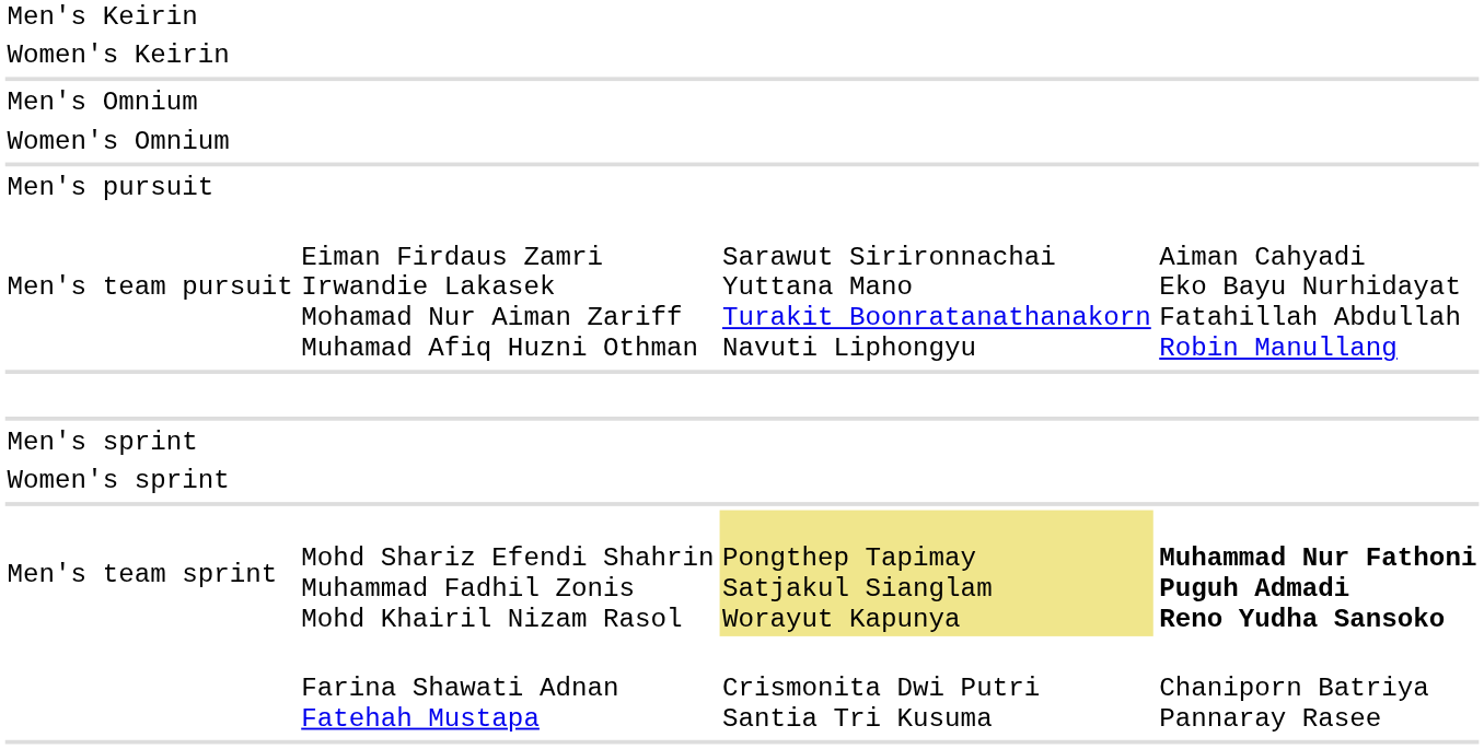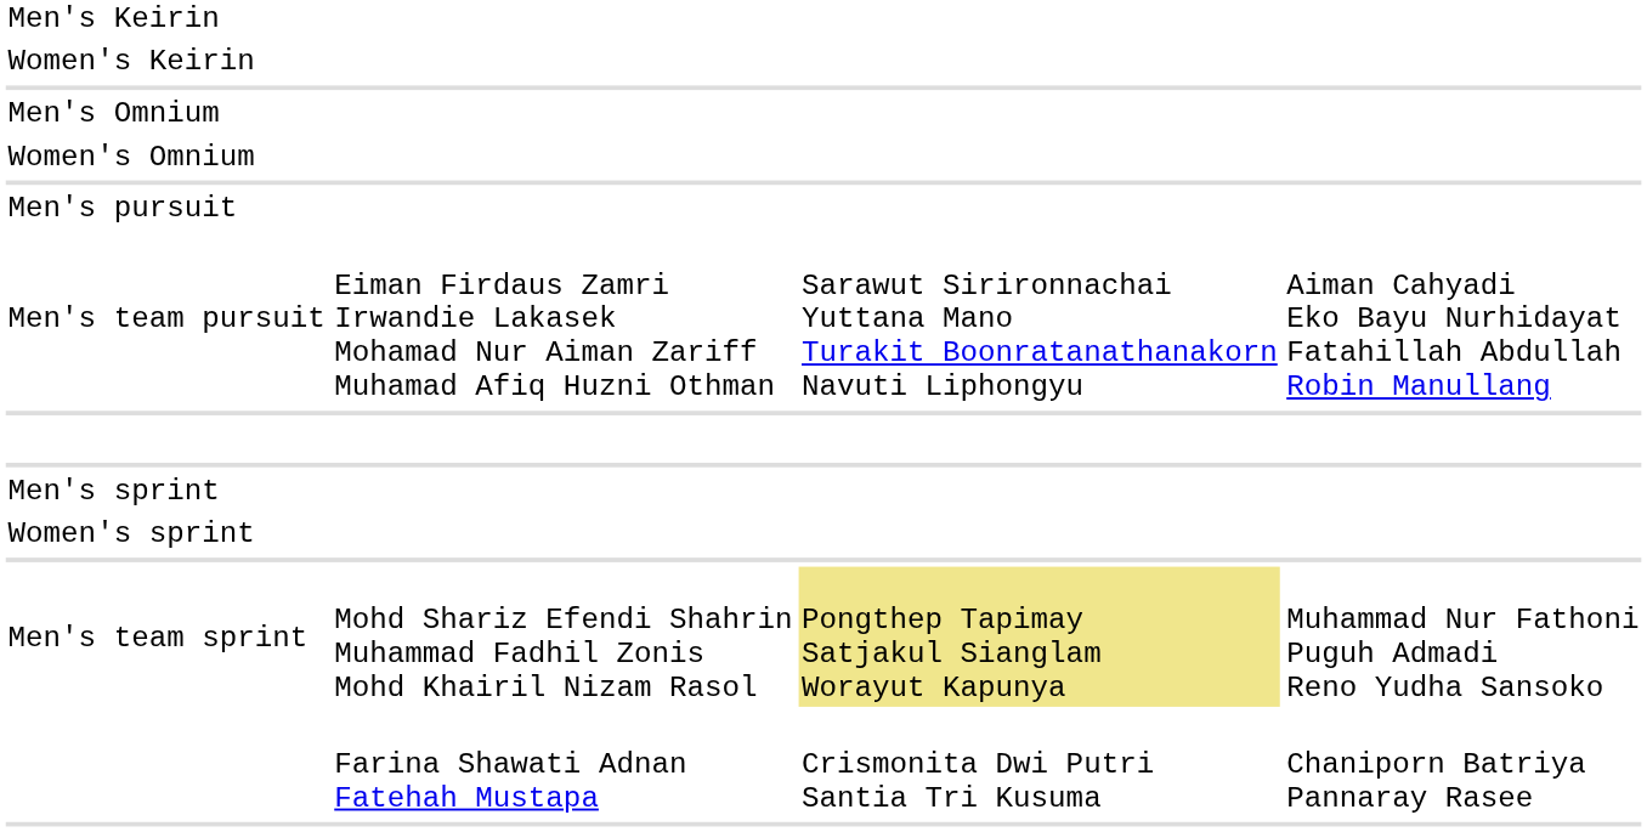 <table>
 <tr>
 <td>Men's Keirin<br></td>
 <td></td>
 <td></td>
 <td></td>
 </tr>
 <tr>
 <td>Women's Keirin<br></td>
 <td></td>
 <td></td>
 <td></td>
 </tr>
 <tr bgcolor=#DDDDDD>
 <td colspan=7></td>
 </tr>
 <tr>
 <td>Men's Omnium<br></td>
 <td></td>
 <td></td>
 <td></td>
 </tr>
 <tr>
 <td>Women's Omnium<br></td>
 <td></td>
 <td></td>
 <td></td>
 </tr>
 <tr bgcolor=#DDDDDD>
 <td colspan=7></td>
 </tr>
 <tr>
 <td>Men's pursuit<br></td>
 <td></td>
 <td></td>
 <td></td>
 </tr>
 <tr>
 <td>Men's team pursuit<br></td>
 <td><br>Eiman Firdaus Zamri<br>Irwandie Lakasek<br>Mohamad Nur Aiman Zariff<br>Muhamad Afiq Huzni Othman</td>
 <td><br>Sarawut Sirironnachai<br>Yuttana Mano<br><a href='#'>Turakit Boonratanathanakorn</a><br>Navuti Liphongyu</td>
 <td><br>Aiman Cahyadi<br>Eko Bayu Nurhidayat<br>Fatahillah Abdullah<br><a href='#'>Robin Manullang</a></td>
 </tr>
 <tr bgcolor=#DDDDDD>
 <td colspan=7></td>
 </tr>
 <tr>
 <td><br></td>
 <td></td>
 <td></td>
 <td></td>
 </tr>
 <tr bgcolor=#DDDDDD>
 <td colspan=7></td>
 </tr>
 <tr>
 <td>Men's sprint<br></td>
 <td></td>
 <td></td>
 <td></td>
 </tr>
 <tr>
 <td>Women's sprint<br></td>
 <td></td>
 <td></td>
 <td></td>
 </tr>
 <tr bgcolor=#DDDDDD>
 <td colspan=7></td>
 </tr>
 <tr>
 <td>Men's team sprint<br></td>
 <td><br>Mohd Shariz Efendi Shahrin<br>Muhammad Fadhil Zonis<br>Mohd Khairil Nizam Rasol</td>
 <td style="background: khaki;"><br>Pongthep Tapimay<br>Satjakul Sianglam<br>Worayut Kapunya</td>
-<td><strong><br>Muhammad Nur Fathoni<br>Puguh Admadi<br>Reno Yudha Sansoko</strong></td>
+<td><br>Muhammad Nur Fathoni<br>Puguh Admadi<br>Reno Yudha Sansoko</td>
 </tr>
 <tr>
 <td><br></td>
 <td><br>Farina Shawati Adnan<br><a href='#'>Fatehah Mustapa</a></td>
 <td><br>Crismonita Dwi Putri<br>Santia Tri Kusuma</td>
 <td><br>Chaniporn Batriya<br>Pannaray Rasee</td>
 </tr>
 <tr bgcolor=#DDDDDD>
 <td colspan=7></td>
 </tr>
 <tr>
 <td><br></td>
 <td></td>
 <td></td>
 <td></td>
 </tr>
 <tr>
 <td><br></td>
 <td></td>
 <td></td>
 <td></td>
 </tr>
 <tr>
 </tr>
 </table>
